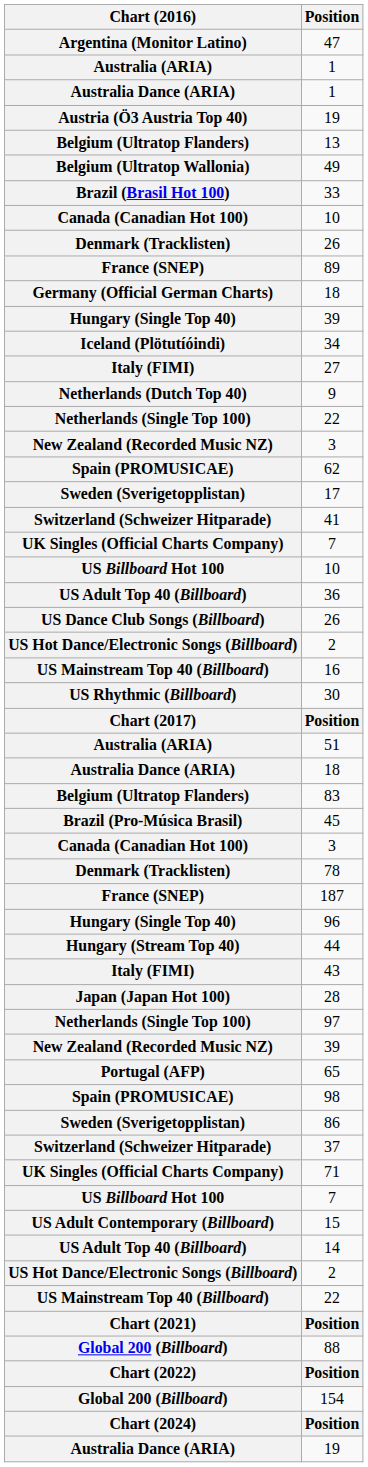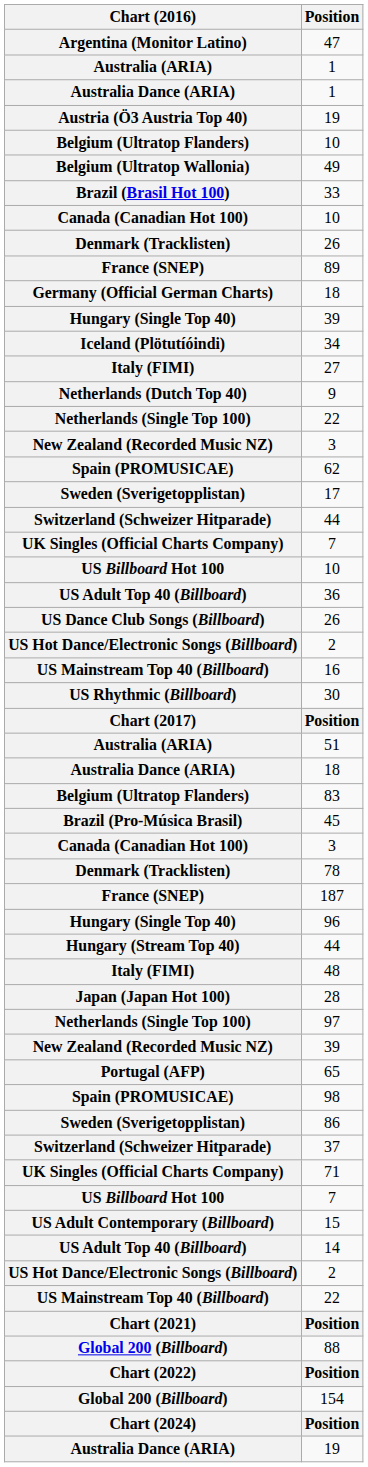 <table class="wikitable sortable plainrowheaders" style="text-align:center">
 <tr>
 <th scope="col">Chart (2016)</th>
 <th scope="col">Position</th>
 </tr>
 <tr>
 <th scope="row">Argentina (Monitor Latino)</th>
 <td>47</td>
 </tr>
 <tr>
 <th scope="row">Australia (ARIA)</th>
 <td>1</td>
 </tr>
 <tr>
 <th scope="row">Australia Dance (ARIA)</th>
 <td>1</td>
 </tr>
 <tr>
 <th scope="row">Austria (Ö3 Austria Top 40)</th>
 <td>19</td>
 </tr>
 <tr>
 <th scope="row">Belgium (Ultratop Flanders)</th>
-<td>13</td>
+<td>10</td>
 </tr>
 <tr>
 <th scope="row">Belgium (Ultratop Wallonia)</th>
 <td>49</td>
 </tr>
 <tr>
 <th scope="row">Brazil (<a href='#'>Brasil Hot 100</a>)</th>
 <td>33</td>
 </tr>
 <tr>
 <th scope="row">Canada (Canadian Hot 100)</th>
 <td>10</td>
 </tr>
 <tr>
 <th scope="row">Denmark (Tracklisten)</th>
 <td>26</td>
 </tr>
 <tr>
 <th scope="row">France (SNEP)</th>
 <td>89</td>
 </tr>
 <tr>
 <th scope="row">Germany (Official German Charts)</th>
 <td>18</td>
 </tr>
 <tr>
 <th scope="row">Hungary (Single Top 40)</th>
 <td>39</td>
 </tr>
 <tr>
 <th scope="row">Iceland (Plötutíóindi)</th>
 <td>34</td>
 </tr>
 <tr>
 <th scope="row">Italy (FIMI)</th>
 <td>27</td>
 </tr>
 <tr>
 <th scope="row">Netherlands (Dutch Top 40)</th>
 <td>9</td>
 </tr>
 <tr>
 <th scope="row">Netherlands (Single Top 100)</th>
 <td>22</td>
 </tr>
 <tr>
 <th scope="row">New Zealand (Recorded Music NZ)</th>
 <td>3</td>
 </tr>
 <tr>
 <th scope="row">Spain (PROMUSICAE)</th>
 <td>62</td>
 </tr>
 <tr>
 <th scope="row">Sweden (Sverigetopplistan)</th>
 <td>17</td>
 </tr>
 <tr>
 <th scope="row">Switzerland (Schweizer Hitparade)</th>
-<td>41</td>
+<td>44</td>
 </tr>
 <tr>
 <th scope="row">UK Singles (Official Charts Company)</th>
 <td>7</td>
 </tr>
 <tr>
 <th scope="row">US <em>Billboard</em> Hot 100</th>
 <td>10</td>
 </tr>
 <tr>
 <th scope="row">US Adult Top 40 (<em>Billboard</em>)</th>
 <td>36</td>
 </tr>
 <tr>
 <th scope="row">US Dance Club Songs (<em>Billboard</em>)</th>
 <td>26</td>
 </tr>
 <tr>
 <th scope="row">US Hot Dance/Electronic Songs (<em>Billboard</em>)</th>
 <td>2</td>
 </tr>
 <tr>
 <th scope="row">US Mainstream Top 40 (<em>Billboard</em>)</th>
 <td>16</td>
 </tr>
 <tr>
 <th scope="row">US Rhythmic (<em>Billboard</em>)</th>
 <td>30</td>
 </tr>
 <tr>
 <th scope="col">Chart (2017)</th>
 <th scope="col">Position</th>
 </tr>
 <tr>
 <th scope="row">Australia (ARIA)</th>
 <td>51</td>
 </tr>
 <tr>
 <th scope="row">Australia Dance (ARIA)</th>
 <td>18</td>
 </tr>
 <tr>
 <th scope="row">Belgium (Ultratop Flanders)</th>
 <td>83</td>
 </tr>
 <tr>
 <th scope="row">Brazil (Pro-Música Brasil)</th>
 <td>45</td>
 </tr>
 <tr>
 <th scope="row">Canada (Canadian Hot 100)</th>
 <td>3</td>
 </tr>
 <tr>
 <th scope="row">Denmark (Tracklisten)</th>
 <td>78</td>
 </tr>
 <tr>
 <th scope="row">France (SNEP)</th>
 <td>187</td>
 </tr>
 <tr>
 <th scope="row">Hungary (Single Top 40)</th>
 <td>96</td>
 </tr>
 <tr>
 <th scope="row">Hungary (Stream Top 40)</th>
 <td>44</td>
 </tr>
 <tr>
 <th scope="row">Italy (FIMI)</th>
-<td>43</td>
+<td>48</td>
 </tr>
 <tr>
 <th scope="row">Japan (Japan Hot 100)</th>
 <td>28</td>
 </tr>
 <tr>
 <th scope="row">Netherlands (Single Top 100)</th>
 <td>97</td>
 </tr>
 <tr>
 <th scope="row">New Zealand (Recorded Music NZ)</th>
 <td>39</td>
 </tr>
 <tr>
 <th scope="row">Portugal (AFP)</th>
 <td>65</td>
 </tr>
 <tr>
 <th scope="row">Spain (PROMUSICAE)</th>
 <td>98</td>
 </tr>
 <tr>
 <th scope="row">Sweden (Sverigetopplistan)</th>
 <td>86</td>
 </tr>
 <tr>
 <th scope="row">Switzerland (Schweizer Hitparade)</th>
 <td>37</td>
 </tr>
 <tr>
 <th scope="row">UK Singles (Official Charts Company)</th>
 <td>71</td>
 </tr>
 <tr>
 <th scope="row">US <em>Billboard</em> Hot 100</th>
 <td>7</td>
 </tr>
 <tr>
 <th scope="row">US Adult Contemporary (<em>Billboard</em>)</th>
 <td>15</td>
 </tr>
 <tr>
 <th scope="row">US Adult Top 40 (<em>Billboard</em>)</th>
 <td>14</td>
 </tr>
 <tr>
 <th scope="row">US Hot Dance/Electronic Songs (<em>Billboard</em>)</th>
 <td>2</td>
 </tr>
 <tr>
 <th scope="row">US Mainstream Top 40 (<em>Billboard</em>)</th>
 <td>22</td>
 </tr>
 <tr>
 <th scope="col">Chart (2021)</th>
 <th scope="col">Position</th>
 </tr>
 <tr>
 <th scope="row"><a href='#'>Global 200</a> (<em>Billboard</em>)</th>
 <td>88</td>
 </tr>
 <tr>
 <th scope="col">Chart (2022)</th>
 <th scope="col">Position</th>
 </tr>
 <tr>
 <th scope="row">Global 200 (<em>Billboard</em>)</th>
 <td>154</td>
 </tr>
 <tr>
 <th scope="col">Chart (2024)</th>
 <th scope="col">Position</th>
 </tr>
 <tr>
 <th scope="row">Australia Dance (ARIA)</th>
 <td>19</td>
 </tr>
 </table>
